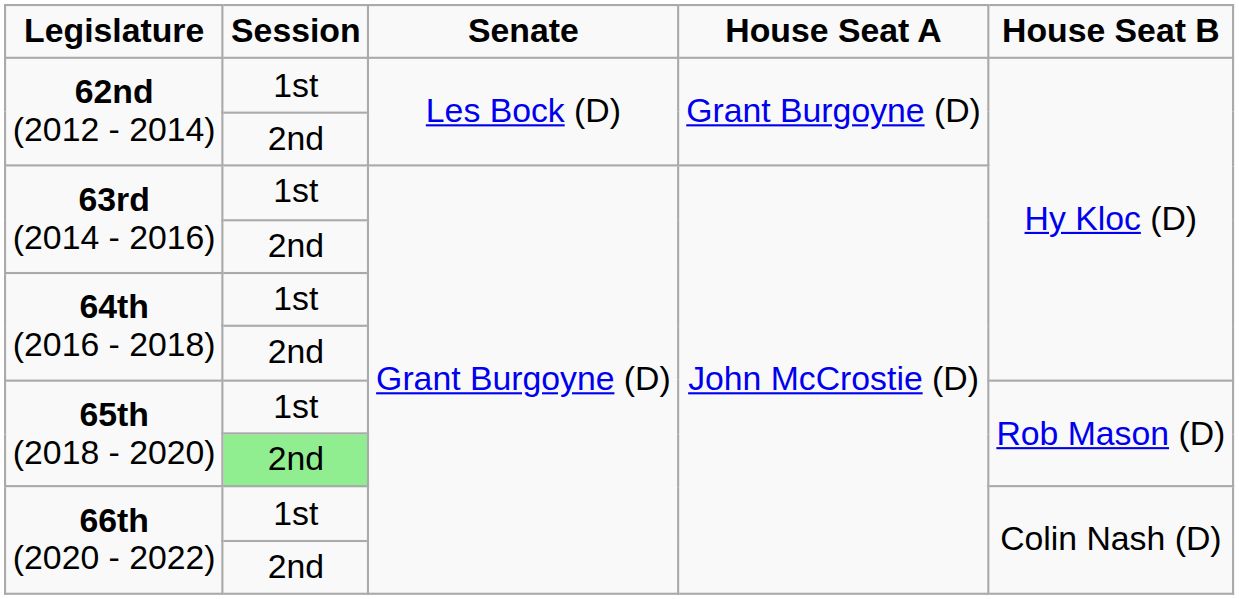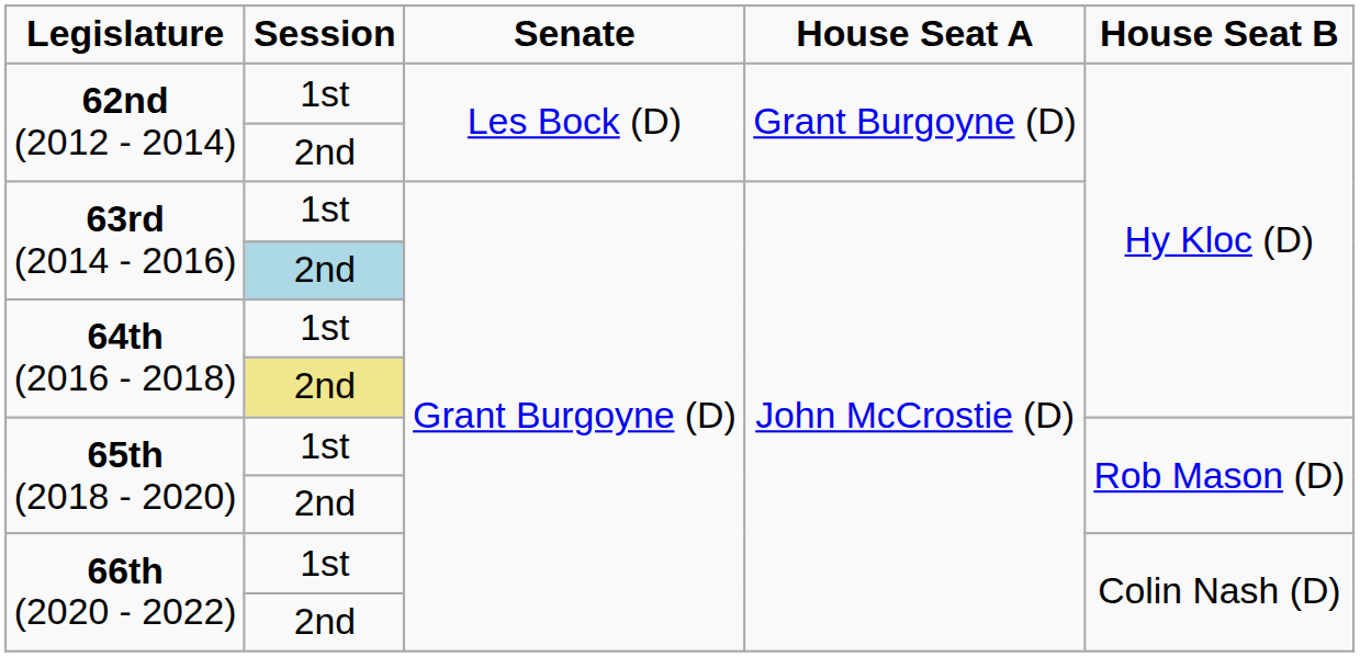 <table class=wikitable style="text-align:center">
 <tr>
 <td><strong>Legislature</strong></td>
 <td><strong>Session</strong></td>
 <td><strong>Senate</strong></td>
 <td><strong>House Seat A</strong></td>
 <td><strong>House Seat B</strong></td>
 </tr>
 <tr>
 <td rowspan="2" colspan="1" style="text-align: center;"><strong>62nd</strong> <br> (2012 - 2014)</td>
 <td>1st</td>
 <td rowspan="2" colspan="1" style="text-align: center;" ><a href='#'>Les Bock</a> (D)</td>
 <td rowspan="2" colspan="1" style="text-align: center;" ><a href='#'>Grant Burgoyne</a> (D)</td>
 <td rowspan="6" colspan="1" style="text-align: center;" ><a href='#'>Hy Kloc</a> (D)</td>
 </tr>
 <tr>
 <td>2nd</td>
 </tr>
 <tr>
 <td rowspan="2" colspan="1" style="text-align: center;"><strong>63rd</strong> <br> (2014 - 2016)</td>
 <td>1st</td>
 <td rowspan="8" colspan="1" style="text-align: center;" ><a href='#'>Grant Burgoyne</a> (D)</td>
 <td rowspan="8" colspan="1" style="text-align: center;" ><a href='#'>John McCrostie</a> (D)</td>
 </tr>
 <tr>
-<td>2nd</td>
+<td style="background: lightblue;">2nd</td>
 </tr>
 <tr>
 <td rowspan="2" colspan="1" style="text-align: center;"><strong>64th</strong> <br> (2016 - 2018)</td>
 <td>1st</td>
 </tr>
 <tr>
-<td>2nd</td>
+<td style="background: khaki;">2nd</td>
 </tr>
 <tr>
 <td rowspan="2" colspan="1" style="text-align: center;"><strong>65th</strong> <br> (2018 - 2020)</td>
 <td>1st</td>
 <td rowspan="2" colspan="1" style="text-align: center;" ><a href='#'>Rob Mason</a> (D)</td>
 </tr>
 <tr>
-<td style="background: lightgreen;">2nd</td>
+<td>2nd</td>
 </tr>
 <tr>
 <td rowspan="2" colspan="1" style="text-align: center;"><strong>66th</strong> <br> (2020 - 2022)</td>
 <td>1st</td>
 <td rowspan="2" colspan="1" style="text-align: center;" >Colin Nash (D)</td>
 </tr>
 <tr>
 <td>2nd</td>
 </tr>
 </table>
